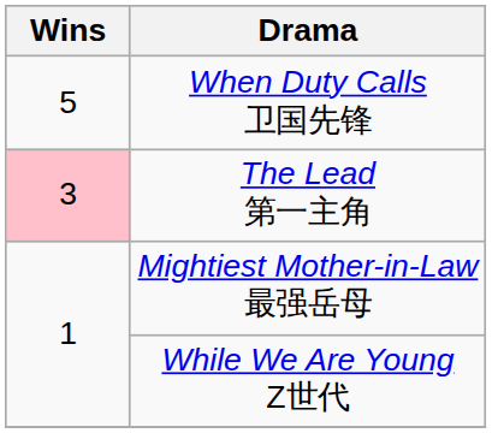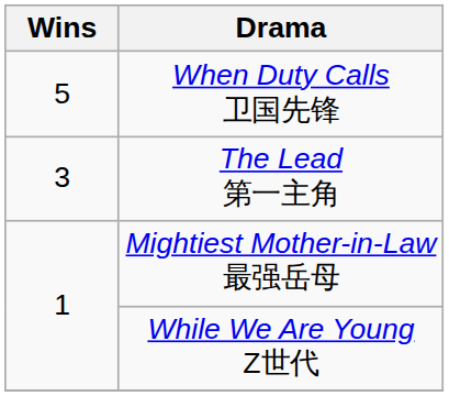 <table class="wikitable plainrowheaders" style="text-align: center">
 <tr>
 <th scope="col" style="width:55px;" style="background-color:#EEDD82;">Wins</th>
 <th scope="col" style="text-align:center;" style="background-color:#EEDD82;">Drama</th>
 </tr>
 <tr>
 <td scope=row style="text-align:center">5</td>
 <td><em><a href='#'>When Duty Calls</a></em><br>卫国先锋</td>
 </tr>
 <tr>
-<td scope=row style="background: pink; text-align:center">3</td>
+<td scope=row style="text-align:center">3</td>
 <td><em><a href='#'>The Lead</a></em><br>第一主角</td>
 </tr>
 <tr>
 <td rowspan=2 scope=row style="text-align:center">1</td>
 <td><em><a href='#'>Mightiest Mother-in-Law</a></em><br>最强岳母</td>
 </tr>
 <tr>
 <td><em><a href='#'>While We Are Young</a></em><br>Z世代</td>
 </tr>
 <tr>
 </tr>
 </table>
